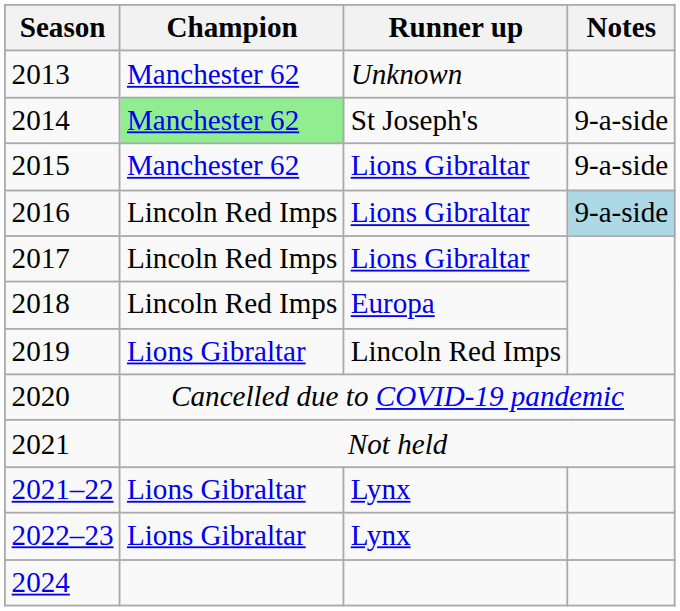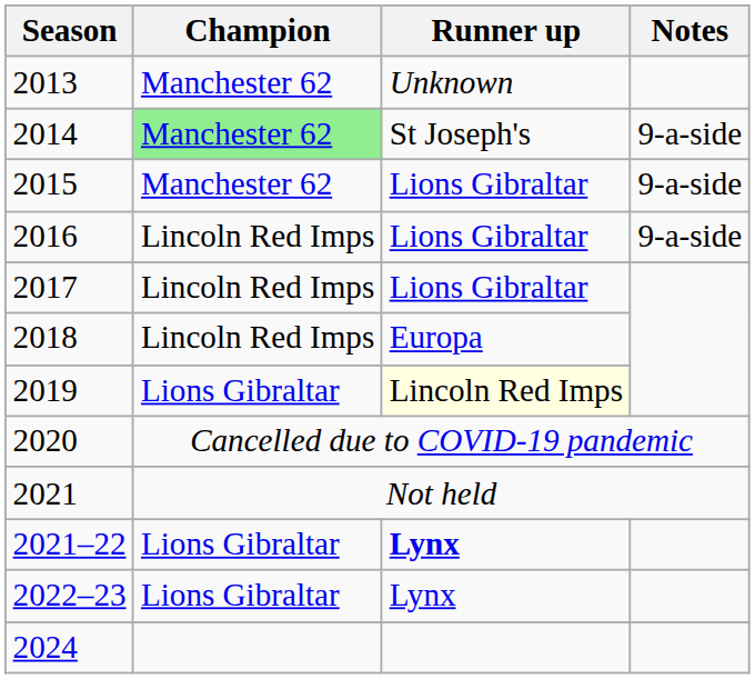 <table class="wikitable sortable">
 <tr>
 <th>Season</th>
 <th>Champion</th>
 <th>Runner up</th>
 <th>Notes</th>
 </tr>
 <tr>
 <td>2013</td>
 <td><a href='#'>Manchester 62</a></td>
 <td><em>Unknown</em></td>
 <td></td>
 </tr>
 <tr>
 <td>2014</td>
 <td style="background: lightgreen;"><a href='#'>Manchester 62</a></td>
 <td>St Joseph's</td>
 <td>9-a-side</td>
 </tr>
 <tr>
 <td>2015</td>
 <td><a href='#'>Manchester 62</a></td>
 <td><a href='#'>Lions Gibraltar</a></td>
 <td>9-a-side</td>
 </tr>
 <tr>
 <td>2016</td>
 <td>Lincoln Red Imps</td>
 <td><a href='#'>Lions Gibraltar</a></td>
-<td style="background: lightblue;">9-a-side</td>
+<td>9-a-side</td>
 </tr>
 <tr>
 <td>2017</td>
 <td>Lincoln Red Imps</td>
 <td><a href='#'>Lions Gibraltar</a></td>
 </tr>
 <tr>
 <td>2018</td>
 <td>Lincoln Red Imps</td>
 <td><a href='#'>Europa</a></td>
 </tr>
 <tr>
 <td>2019</td>
 <td><a href='#'>Lions Gibraltar</a></td>
-<td>Lincoln Red Imps</td>
+<td style="background: lightyellow;">Lincoln Red Imps</td>
 </tr>
 <tr>
 <td>2020</td>
 <td colspan="3" align="center"><em>Cancelled due to <a href='#'>COVID-19 pandemic</a></em></td>
 </tr>
 <tr>
 <td>2021</td>
 <td colspan="3" align="center"><em>Not held</em></td>
 </tr>
 <tr>
 <td><a href='#'>2021–22</a></td>
 <td><a href='#'>Lions Gibraltar</a></td>
-<td><a href='#'>Lynx</a></td>
+<td><strong><a href='#'>Lynx</a></strong></td>
 <td></td>
 </tr>
 <tr>
 <td><a href='#'>2022–23</a></td>
 <td><a href='#'>Lions Gibraltar</a></td>
 <td><a href='#'>Lynx</a></td>
 <td></td>
 </tr>
 <tr>
 <td><a href='#'>2024</a></td>
 <td></td>
 <td></td>
 <td></td>
 </tr>
 </table>
